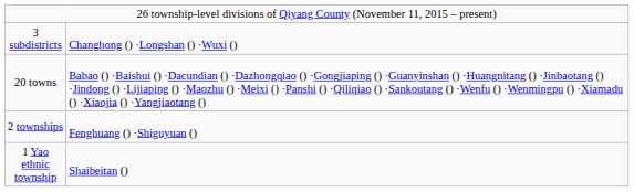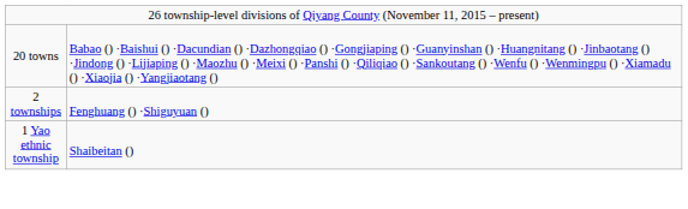 <table class="wikitable">
 <tr>
 <td style="text-align:center;" colspan="2">26 township-level divisions of <a href='#'>Qiyang County</a> (November 11, 2015 – present)</td>
-</tr>
-<tr align=left>
-<td align=center>3 <a href='#'>subdistricts</a></td>
-<td><br><a href='#'>Changhong</a> () ·<a href='#'>Longshan</a> () ·<a href='#'>Wuxi</a> ()</td>
 </tr>
 <tr align=left>
 <td align=center>20 towns</td>
 <td><br><a href='#'>Babao</a> () ·<a href='#'>Baishui</a> () ·<a href='#'>Dacundian</a> () ·<a href='#'>Dazhongqiao</a> () ·<a href='#'>Gongjiaping</a> () ·<a href='#'>Guanyinshan</a> () ·<a href='#'>Huangnitang</a> () ·<a href='#'>Jinbaotang</a> () ·<a href='#'>Jindong</a> () ·<a href='#'>Lijiaping</a> () ·<a href='#'>Maozhu</a> () ·<a href='#'>Meixi</a> () ·<a href='#'>Panshi</a> () ·<a href='#'>Qiliqiao</a> () ·<a href='#'>Sankoutang</a> () ·<a href='#'>Wenfu</a> () ·<a href='#'>Wenmingpu</a> () ·<a href='#'>Xiamadu</a> () ·<a href='#'>Xiaojia</a> () ·<a href='#'>Yangjiaotang</a> ()</td>
 </tr>
 <tr align=left>
 <td align=center>2 <a href='#'>townships</a></td>
 <td><br><a href='#'>Fenghuang</a> () ·<a href='#'>Shiguyuan</a> ()</td>
 </tr>
 <tr align=left>
 <td align=center>1 <a href='#'>Yao</a> <a href='#'>ethnic <br>township</a></td>
 <td><br><a href='#'>Shaibeitan</a> ()</td>
 </tr>
 </table>
